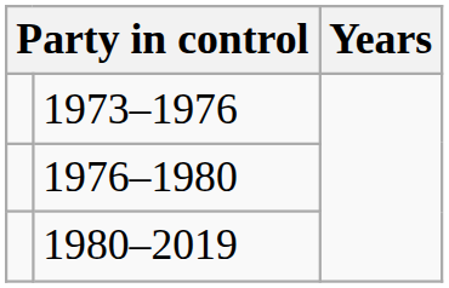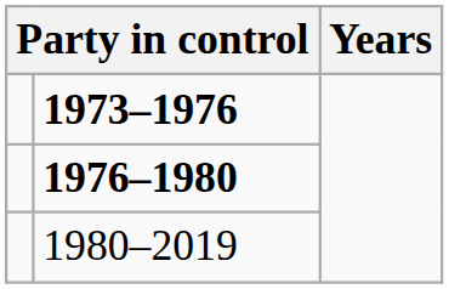 <table class="wikitable">
 <tr>
 <th colspan="2">Party in control</th>
 <th>Years</th>
 </tr>
 <tr>
 <td></td>
-<td>1973–1976</td>
+<td><strong>1973–1976</strong></td>
 </tr>
 <tr>
 <td></td>
-<td>1976–1980</td>
+<td><strong>1976–1980</strong></td>
 </tr>
 <tr>
 <td></td>
 <td>1980–2019</td>
 </tr>
 </table>
